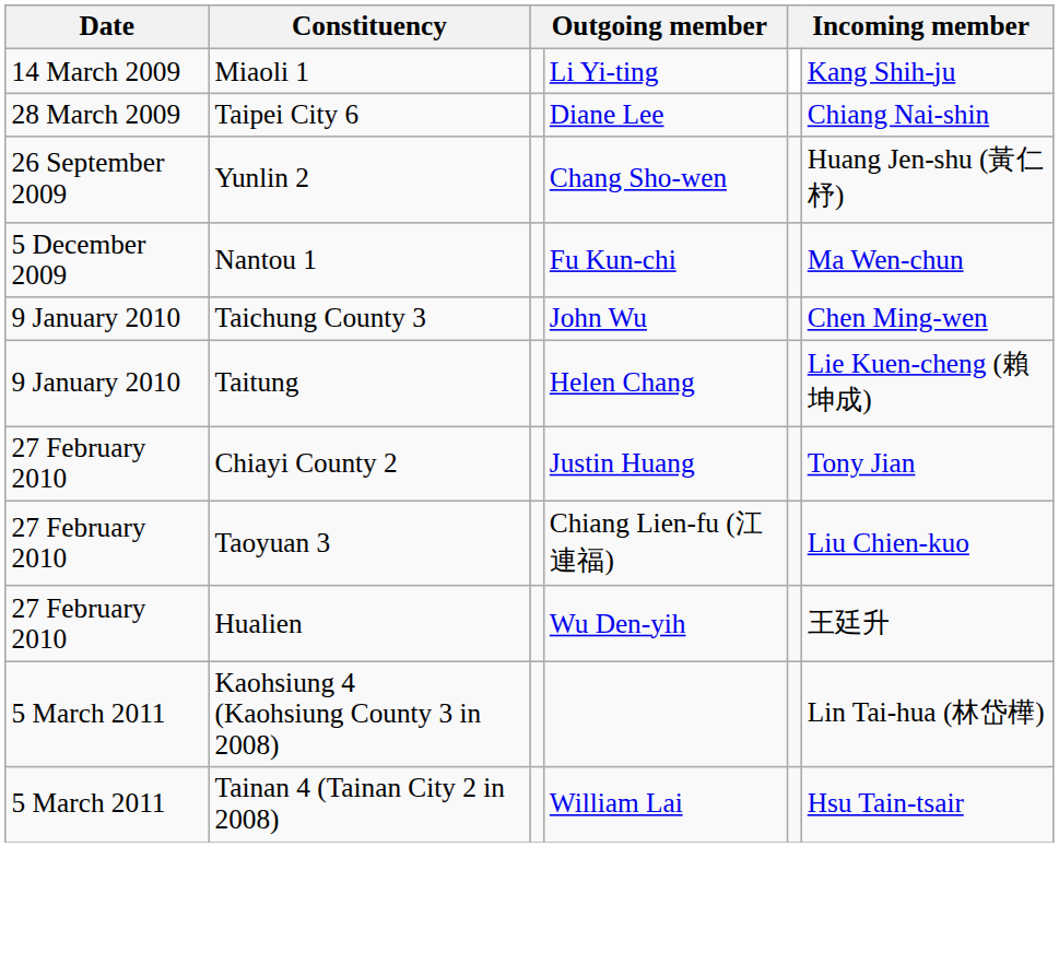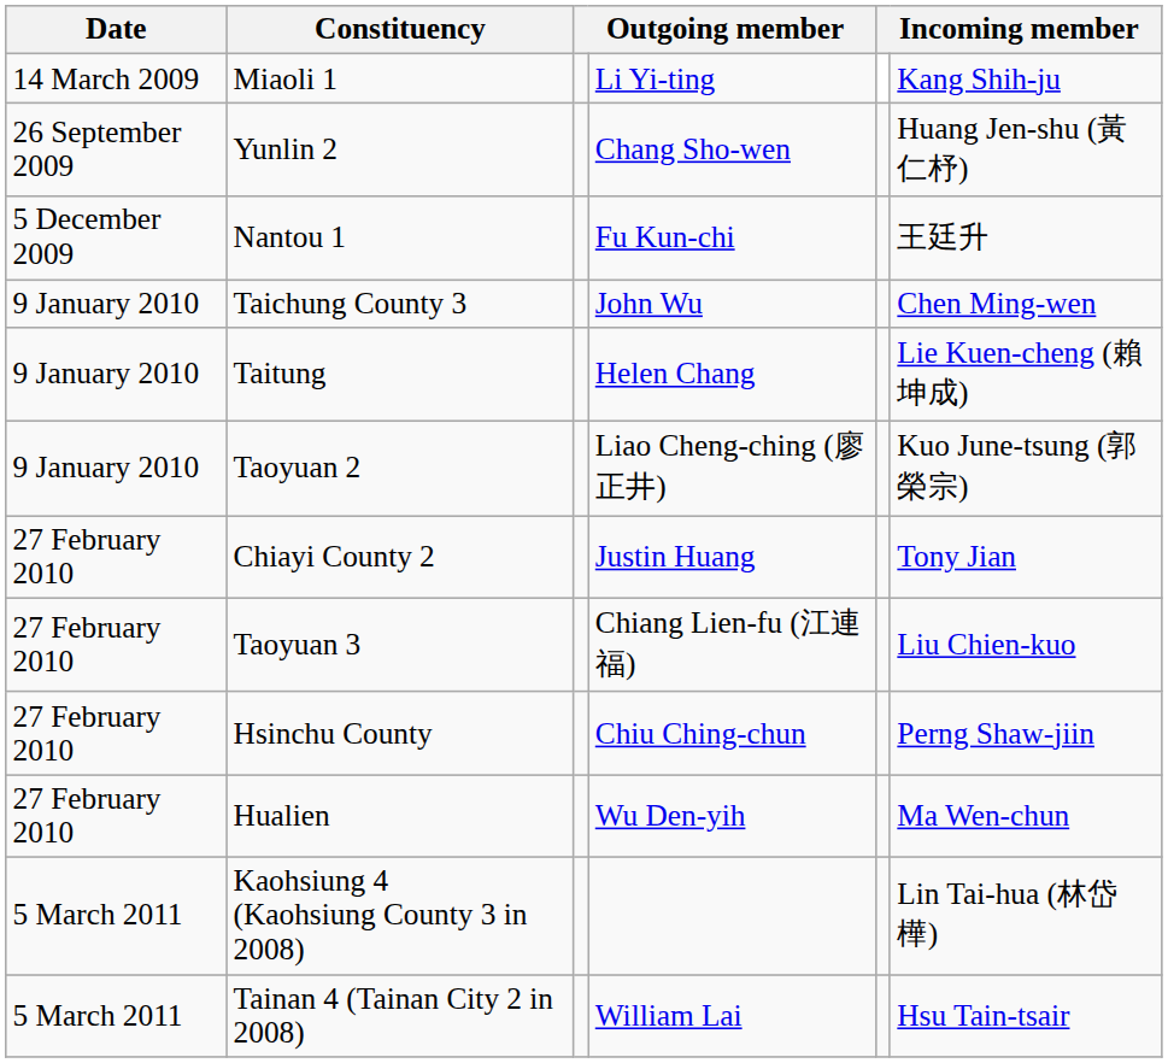 <table class="wikitable">
 <tr>
 <th>Date</th>
 <th>Constituency</th>
 <th colspan="2">Outgoing member</th>
 <th colspan="2">Incoming member</th>
 </tr>
 <tr>
 <td>14 March 2009</td>
 <td>Miaoli 1</td>
 <td style="background: "></td>
 <td><a href='#'>Li Yi-ting</a></td>
 <td style="background: white"></td>
 <td><a href='#'>Kang Shih-ju</a></td>
 </tr>
 <tr>
-<td>28 March 2009</td>
-<td>Taipei City 6</td>
-<td style="background: "></td>
-<td><a href='#'>Diane Lee</a></td>
-<td style="background: "></td>
-<td><a href='#'>Chiang Nai-shin</a></td>
-</tr>
-<tr>
 <td>26 September 2009</td>
 <td>Yunlin 2</td>
 <td style="background: "></td>
 <td><a href='#'>Chang Sho-wen</a></td>
 <td style="background: "></td>
 <td>Huang Jen-shu (黃仁杼)</td>
 </tr>
 <tr>
 <td>5 December 2009</td>
 <td>Nantou 1</td>
 <td style="background: "></td>
 <td><a href='#'>Fu Kun-chi</a> </td>
 <td style="background: "></td>
-<td><a href='#'>Ma Wen-chun</a></td>
+<td>王廷升</td>
 </tr>
 <tr>
 <td>9 January 2010</td>
 <td>Taichung County 3</td>
 <td style="background: "></td>
 <td><a href='#'>John Wu</a></td>
 <td style="background: "></td>
 <td><a href='#'>Chen Ming-wen</a></td>
 </tr>
 <tr>
 <td>9 January 2010</td>
 <td>Taitung</td>
 <td style="background: "></td>
 <td><a href='#'>Helen Chang</a></td>
 <td style="background: "></td>
 <td><a href='#'>Lie Kuen-cheng</a> (賴坤成)</td>
+</tr>
+<tr>
+<td>9 January 2010</td>
+<td>Taoyuan 2</td>
+<td style="background: "></td>
+<td>Liao Cheng-ching (廖正井)</td>
+<td style="background: "></td>
+<td>Kuo June-tsung (郭榮宗)</td>
 </tr>
 <tr>
 <td>27 February 2010</td>
 <td>Chiayi County 2</td>
 <td style="background: "></td>
 <td><a href='#'>Justin Huang</a></td>
 <td style="background: "></td>
 <td><a href='#'>Tony Jian</a></td>
 </tr>
 <tr>
 <td>27 February 2010</td>
 <td>Taoyuan 3</td>
 <td style="background: "></td>
 <td>Chiang Lien-fu (江連福)</td>
 <td style="background: "></td>
 <td><a href='#'>Liu Chien-kuo</a></td>
 </tr>
 <tr>
 <td>27 February 2010</td>
+<td>Hsinchu County</td>
+<td style="background: "></td>
+<td><a href='#'>Chiu Ching-chun</a></td>
+<td style="background: "></td>
+<td><a href='#'>Perng Shaw-jiin</a></td>
+</tr>
+<tr>
+<td>27 February 2010</td>
 <td>Hualien</td>
 <td style="background: "></td>
 <td><a href='#'>Wu Den-yih</a></td>
 <td style="background: "></td>
-<td>王廷升</td>
+<td><a href='#'>Ma Wen-chun</a></td>
 </tr>
 <tr>
 <td>5 March 2011</td>
 <td>Kaohsiung 4<br>(Kaohsiung County 3 in 2008)</td>
 <td style="background: "></td>
 <td></td>
 <td style="background: "></td>
 <td>Lin Tai-hua (林岱樺)</td>
 </tr>
 <tr>
 <td>5 March 2011</td>
 <td>Tainan 4 (Tainan City 2 in 2008)</td>
 <td style="background: "></td>
 <td><a href='#'>William Lai</a></td>
 <td style="background: "></td>
 <td><a href='#'>Hsu Tain-tsair</a></td>
 </tr>
 </table>
